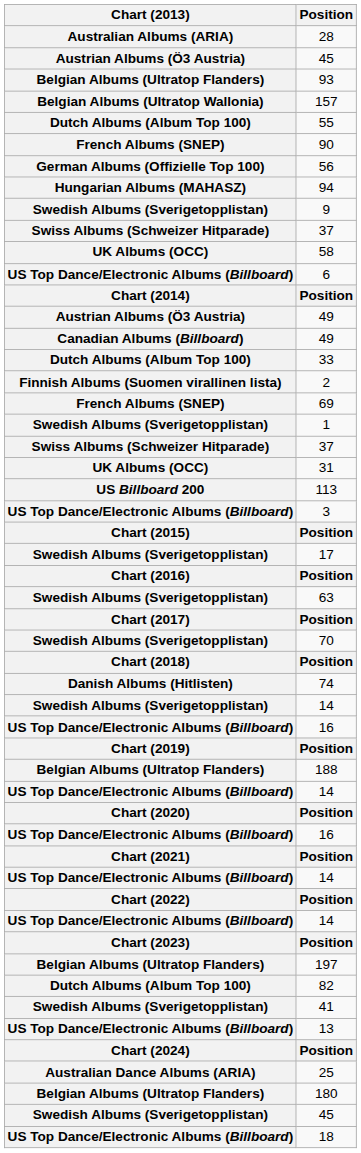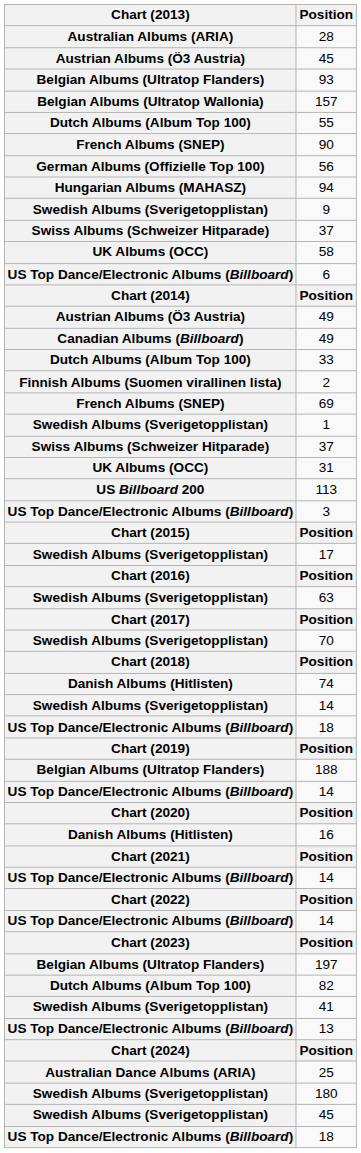 <table class="wikitable sortable plainrowheaders" style="text-align:center">
 <tr>
 <th scope="col">Chart (2013)</th>
 <th scope="col">Position</th>
 </tr>
 <tr>
 <th scope="row">Australian Albums (ARIA)</th>
 <td>28</td>
 </tr>
 <tr>
 <th scope="row">Austrian Albums (Ö3 Austria)</th>
 <td>45</td>
 </tr>
 <tr>
 <th scope="row">Belgian Albums (Ultratop Flanders)</th>
 <td>93</td>
 </tr>
 <tr>
 <th scope="row">Belgian Albums (Ultratop Wallonia)</th>
 <td>157</td>
 </tr>
 <tr>
 <th scope="row">Dutch Albums (Album Top 100)</th>
 <td>55</td>
 </tr>
 <tr>
 <th scope="row">French Albums (SNEP)</th>
 <td>90</td>
 </tr>
 <tr>
 <th scope="row">German Albums (Offizielle Top 100)</th>
 <td>56</td>
 </tr>
 <tr>
 <th scope="row">Hungarian Albums (MAHASZ)</th>
 <td>94</td>
 </tr>
 <tr>
 <th scope="row">Swedish Albums (Sverigetopplistan)</th>
 <td>9</td>
 </tr>
 <tr>
 <th scope="row">Swiss Albums (Schweizer Hitparade)</th>
 <td>37</td>
 </tr>
 <tr>
 <th scope="row">UK Albums (OCC)</th>
 <td>58</td>
 </tr>
 <tr>
 <th scope="row">US Top Dance/Electronic Albums (<em>Billboard</em>)</th>
 <td>6</td>
 </tr>
 <tr>
 <th scope="col">Chart (2014)</th>
 <th scope="col">Position</th>
 </tr>
 <tr>
 <th scope="row">Austrian Albums (Ö3 Austria)</th>
 <td>49</td>
 </tr>
 <tr>
 <th scope="row">Canadian Albums (<em>Billboard</em>)</th>
 <td>49</td>
 </tr>
 <tr>
 <th scope="row">Dutch Albums (Album Top 100)</th>
 <td>33</td>
 </tr>
 <tr>
 <th scope="row">Finnish Albums (Suomen virallinen lista)</th>
 <td>2</td>
 </tr>
 <tr>
 <th scope="row">French Albums (SNEP)</th>
 <td>69</td>
 </tr>
 <tr>
 <th scope="row">Swedish Albums (Sverigetopplistan)</th>
 <td>1</td>
 </tr>
 <tr>
 <th scope="row">Swiss Albums (Schweizer Hitparade)</th>
 <td>37</td>
 </tr>
 <tr>
 <th scope="row">UK Albums (OCC)</th>
 <td>31</td>
 </tr>
 <tr>
 <th scope="row">US <em>Billboard</em> 200</th>
 <td>113</td>
 </tr>
 <tr>
 <th scope="row">US Top Dance/Electronic Albums (<em>Billboard</em>)</th>
 <td>3</td>
 </tr>
 <tr>
 <th scope="col">Chart (2015)</th>
 <th scope="col">Position</th>
 </tr>
 <tr>
 <th scope="row">Swedish Albums (Sverigetopplistan)</th>
 <td>17</td>
 </tr>
 <tr>
 <th scope="col">Chart (2016)</th>
 <th scope="col">Position</th>
 </tr>
 <tr>
 <th scope="row">Swedish Albums (Sverigetopplistan)</th>
 <td>63</td>
 </tr>
 <tr>
 <th scope="col">Chart (2017)</th>
 <th scope="col">Position</th>
 </tr>
 <tr>
 <th scope="row">Swedish Albums (Sverigetopplistan)</th>
 <td>70</td>
 </tr>
 <tr>
 <th scope="col">Chart (2018)</th>
 <th scope="col">Position</th>
 </tr>
 <tr>
 <th scope="row">Danish Albums (Hitlisten)</th>
 <td>74</td>
 </tr>
 <tr>
 <th scope="row">Swedish Albums (Sverigetopplistan)</th>
 <td>14</td>
 </tr>
 <tr>
 <th scope="row">US Top Dance/Electronic Albums (<em>Billboard</em>)</th>
-<td>16</td>
+<td>18</td>
 </tr>
 <tr>
 <th scope="col">Chart (2019)</th>
 <th scope="col">Position</th>
 </tr>
 <tr>
 <th scope="row">Belgian Albums (Ultratop Flanders)</th>
 <td>188</td>
 </tr>
 <tr>
 <th scope="row">US Top Dance/Electronic Albums (<em>Billboard</em>)</th>
 <td>14</td>
 </tr>
 <tr>
 <th scope="col">Chart (2020)</th>
 <th scope="col">Position</th>
 </tr>
 <tr>
-<th scope="row">US Top Dance/Electronic Albums (<em>Billboard</em>)</th>
+<th scope="row">Danish Albums (Hitlisten)</th>
 <td>16</td>
 </tr>
 <tr>
 <th scope="col">Chart (2021)</th>
 <th scope="col">Position</th>
 </tr>
 <tr>
 <th scope="row">US Top Dance/Electronic Albums (<em>Billboard</em>)</th>
 <td>14</td>
 </tr>
 <tr>
 <th scope="col">Chart (2022)</th>
 <th scope="col">Position</th>
 </tr>
 <tr>
 <th scope="row">US Top Dance/Electronic Albums (<em>Billboard</em>)</th>
 <td>14</td>
 </tr>
 <tr>
 <th scope="col">Chart (2023)</th>
 <th scope="col">Position</th>
 </tr>
 <tr>
 <th scope="row">Belgian Albums (Ultratop Flanders)</th>
 <td>197</td>
 </tr>
 <tr>
 <th scope="row">Dutch Albums (Album Top 100)</th>
 <td>82</td>
 </tr>
 <tr>
 <th scope="row">Swedish Albums (Sverigetopplistan)</th>
 <td>41</td>
 </tr>
 <tr>
 <th scope="row">US Top Dance/Electronic Albums (<em>Billboard</em>)</th>
 <td>13</td>
 </tr>
 <tr>
 <th scope="col">Chart (2024)</th>
 <th scope="col">Position</th>
 </tr>
 <tr>
 <th scope="row">Australian Dance Albums (ARIA)</th>
 <td>25</td>
 </tr>
 <tr>
-<th scope="row">Belgian Albums (Ultratop Flanders)</th>
+<th scope="row">Swedish Albums (Sverigetopplistan)</th>
 <td>180</td>
 </tr>
 <tr>
 <th scope="row">Swedish Albums (Sverigetopplistan)</th>
 <td>45</td>
 </tr>
 <tr>
 <th scope="row">US Top Dance/Electronic Albums (<em>Billboard</em>)</th>
 <td>18</td>
 </tr>
 </table>
